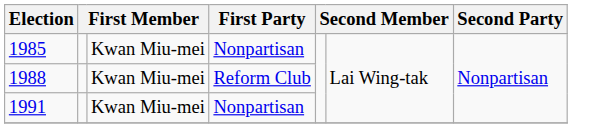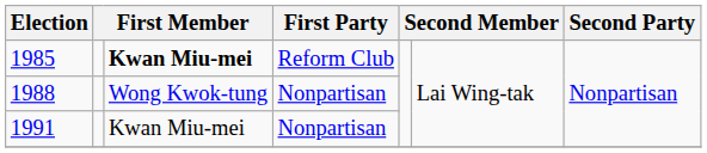 <table class="wikitable">
 <tr>
 <th>Election</th>
 <th colspan="2">First Member</th>
 <th>First Party</th>
 <th colspan="2">Second Member</th>
 <th>Second Party</th>
 </tr>
 <tr>
 <td><a href='#'>1985</a></td>
 <td style="background-color:"></td>
-<td>Kwan Miu-mei</td>
-<td><a href='#'>Nonpartisan</a></td>
+<td><strong>Kwan Miu-mei</strong></td>
+<td><a href='#'>Reform Club</a></td>
 <td rowspan=3 style="background-color:"></td>
 <td rowspan=3>Lai Wing-tak</td>
 <td rowspan=3><a href='#'>Nonpartisan</a></td>
 </tr>
 <tr>
 <td><a href='#'>1988</a></td>
 <td style="background-color:"></td>
-<td>Kwan Miu-mei</td>
-<td><a href='#'>Reform Club</a></td>
+<td><a href='#'>Wong Kwok-tung</a></td>
+<td><a href='#'>Nonpartisan</a></td>
 </tr>
 <tr>
 <td><a href='#'>1991</a></td>
 <td style="background-color:"></td>
 <td>Kwan Miu-mei</td>
 <td><a href='#'>Nonpartisan</a></td>
 </tr>
 <tr>
 </tr>
 </table>
